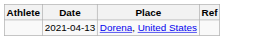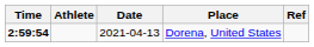 <table class="wikitable sortable" style="font-size:95%">
 <tr>
+<th>Time</th>
 <th>Athlete</th>
 <th>Date</th>
 <th>Place</th>
 <th>Ref</th>
 </tr>
 <tr>
+<td align=center><strong>2:59:54</strong></td>
 <td></td>
 <td>2021-04-13</td>
 <td><a href='#'>Dorena</a>, <a href='#'>United States</a></td>
 <td></td>
 </tr>
 </table>
